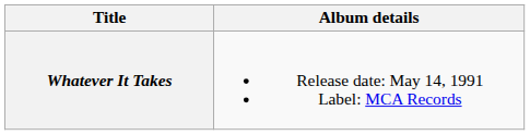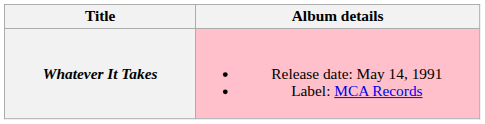 <table class="wikitable plainrowheaders" style="text-align:center;">
 <tr>
 <th style="width:12em;">Title</th>
 <th style="width:18em;">Album details</th>
 </tr>
 <tr>
 <th scope="row"><em>Whatever It Takes</em></th>
-<td><br><ul><li>Release date: May 14, 1991</li><li>Label: <a href='#'>MCA Records</a></li></ul></td>
+<td style="background: pink;"><br><ul><li>Release date: May 14, 1991</li><li>Label: <a href='#'>MCA Records</a></li></ul></td>
 </tr>
 </table>
